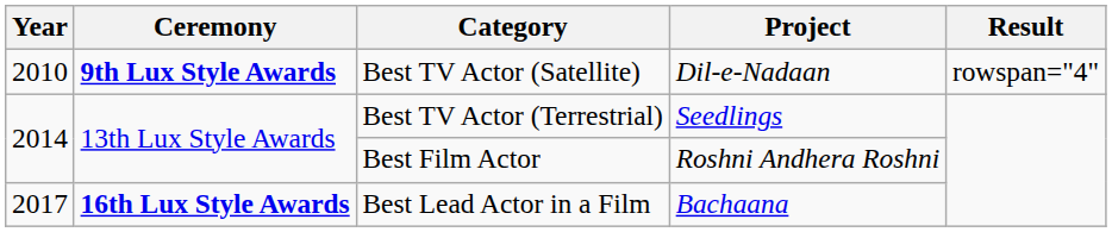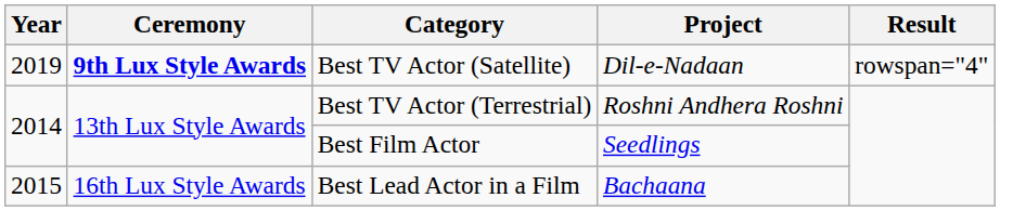 <table class="wikitable style">
 <tr>
 <th>Year</th>
 <th>Ceremony</th>
 <th>Category</th>
 <th>Project</th>
 <th>Result</th>
 </tr>
 <tr>
-<td>2010</td>
+<td>2019</td>
 <td><strong><a href='#'>9th Lux Style Awards</a></strong></td>
 <td>Best TV Actor (Satellite)</td>
 <td><em>Dil-e-Nadaan</em></td>
 <td>rowspan="4" </td>
 </tr>
 <tr>
 <td rowspan="2">2014</td>
 <td rowspan="2"><a href='#'>13th Lux Style Awards</a></td>
 <td>Best TV Actor (Terrestrial)</td>
+<td><em>Roshni Andhera Roshni</em></td>
+</tr>
+<tr>
+<td>Best Film Actor</td>
 <td><em><a href='#'>Seedlings</a></em></td>
 </tr>
 <tr>
-<td>Best Film Actor</td>
-<td><em>Roshni Andhera Roshni</em></td>
-</tr>
-<tr>
-<td>2017</td>
-<td><strong><a href='#'>16th Lux Style Awards</a></strong></td>
+<td>2015</td>
+<td><a href='#'>16th Lux Style Awards</a></td>
 <td>Best Lead Actor in a Film</td>
 <td><em><a href='#'>Bachaana</a></em></td>
 </tr>
 </table>
